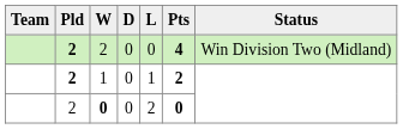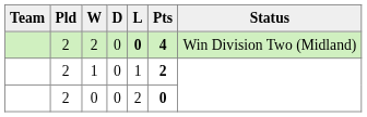 <table style=border-collapse:collapse border=1 cellspacing=0 cellpadding=5>
 <tr align=center bgcolor=#efefef>
 <th>Team</th>
 <th>Pld</th>
 <th>W</th>
 <th>D</th>
 <th>L</th>
 <th>Pts</th>
 <th>Status</th>
 </tr>
 <tr align=center style="background:#D0F0C0;">
 <td style="text-align:left;"> </td>
-<td><strong>2</strong></td>
+<td>2</td>
 <td>2</td>
 <td>0</td>
-<td>0</td>
+<td><strong>0</strong></td>
 <td><strong>4</strong></td>
 <td rowspan=1>Win Division Two (Midland)</td>
 </tr>
 <tr align=center style="background:#FFFFFF;">
 <td style="text-align:left;"> </td>
-<td><strong>2</strong></td>
+<td>2</td>
 <td>1</td>
 <td>0</td>
 <td>1</td>
 <td><strong>2</strong></td>
 <td rowspan=2></td>
 </tr>
 <tr align=center style="background:#FFFFFF;">
 <td style="text-align:left;"> </td>
 <td>2</td>
-<td><strong>0</strong></td>
+<td>0</td>
 <td>0</td>
 <td>2</td>
 <td><strong>0</strong></td>
 </tr>
 </table>
